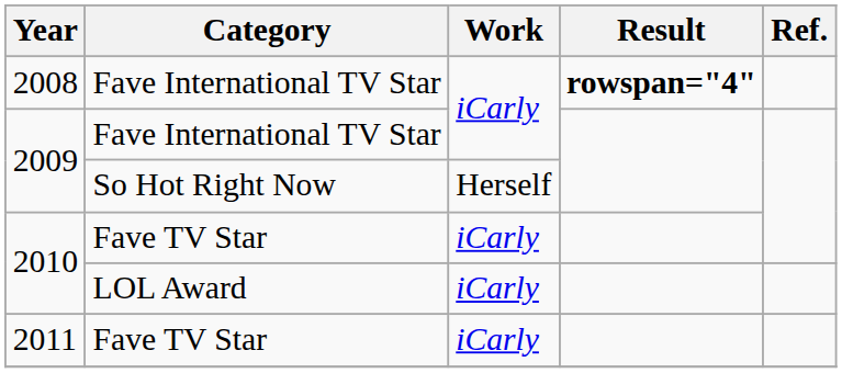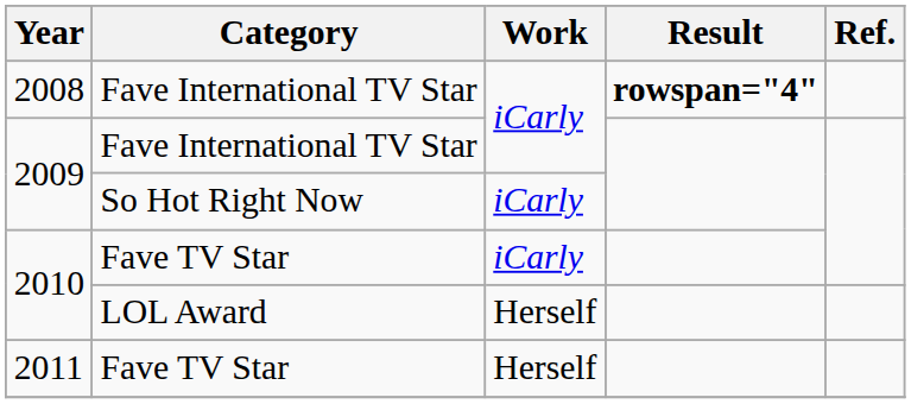 <table class="wikitable">
 <tr>
 <th>Year</th>
 <th>Category</th>
 <th>Work</th>
 <th>Result</th>
 <th>Ref.</th>
 </tr>
 <tr>
 <td>2008</td>
 <td>Fave International TV Star</td>
 <td rowspan="2"><em><a href='#'>iCarly</a></em></td>
 <td><strong>rowspan="4" </strong></td>
 <td></td>
 </tr>
 <tr>
 <td rowspan="2">2009</td>
 <td>Fave International TV Star</td>
 <td rowspan="2"></td>
 </tr>
 <tr>
 <td>So Hot Right Now</td>
-<td>Herself</td>
+<td><em><a href='#'>iCarly</a></em></td>
 </tr>
 <tr>
 <td rowspan="2">2010</td>
 <td>Fave TV Star</td>
 <td><em><a href='#'>iCarly</a></em></td>
 <td></td>
 </tr>
 <tr>
 <td>LOL Award</td>
-<td><em><a href='#'>iCarly</a></em></td>
+<td>Herself</td>
 <td></td>
 <td></td>
 </tr>
 <tr>
 <td>2011</td>
 <td>Fave TV Star</td>
-<td><em><a href='#'>iCarly</a></em></td>
+<td>Herself</td>
 <td></td>
 <td></td>
 </tr>
 <tr>
 </tr>
 </table>
